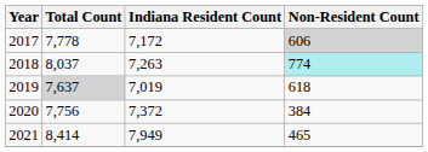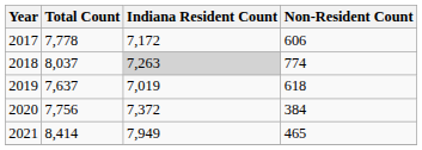 <table class="wikitable">
 <tr>
 <th>Year</th>
 <th>Total Count</th>
 <th>Indiana Resident Count</th>
 <th>Non-Resident Count</th>
 </tr>
 <tr>
 <td>2017</td>
 <td>7,778</td>
 <td>7,172</td>
-<td style="background: lightgrey;">606</td>
+<td>606</td>
 </tr>
 <tr>
 <td>2018</td>
 <td>8,037</td>
-<td>7,263</td>
-<td style="background: paleturquoise;">774</td>
+<td style="background: lightgrey;">7,263</td>
+<td>774</td>
 </tr>
 <tr>
 <td>2019</td>
-<td style="background: lightgrey;">7,637</td>
+<td>7,637</td>
 <td>7,019</td>
 <td>618</td>
 </tr>
 <tr>
 <td>2020</td>
 <td>7,756</td>
 <td>7,372</td>
 <td>384</td>
 </tr>
 <tr>
 <td>2021</td>
 <td>8,414</td>
 <td>7,949</td>
 <td>465</td>
 </tr>
 <tr |>
 </tr>
 </table>
